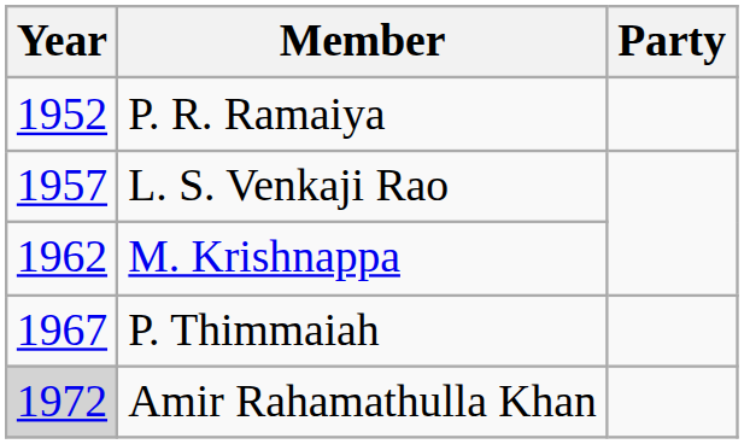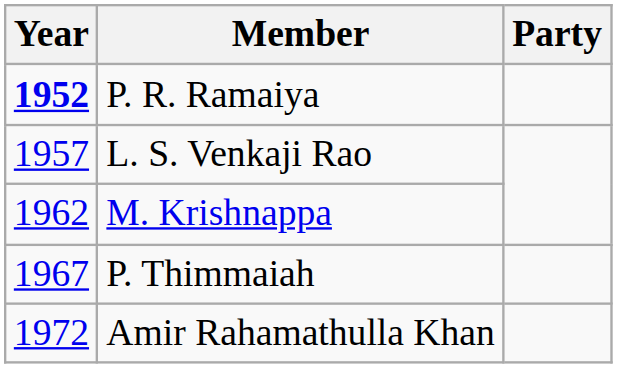 <table class="wikitable sortable">
 <tr>
 <th>Year</th>
 <th>Member</th>
 <th colspan="2">Party</th>
 </tr>
 <tr>
-<td><a href='#'>1952</a></td>
+<td><strong><a href='#'>1952</a></strong></td>
 <td>P. R. Ramaiya</td>
 <td></td>
 </tr>
 <tr>
 <td><a href='#'>1957</a></td>
 <td>L. S. Venkaji Rao</td>
 </tr>
 <tr>
 <td><a href='#'>1962</a></td>
 <td><a href='#'>M. Krishnappa</a></td>
 </tr>
 <tr>
 <td><a href='#'>1967</a></td>
 <td>P. Thimmaiah</td>
 <td></td>
 </tr>
 <tr>
-<td style="background: lightgrey;"><a href='#'>1972</a></td>
+<td><a href='#'>1972</a></td>
 <td>Amir Rahamathulla Khan</td>
 <td></td>
 </tr>
 </table>
